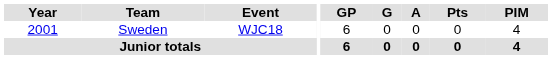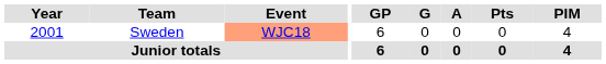 <table border="0" cellpadding="1" cellspacing="0" ID="Table3" style="text-align:center; width:40em">
 <tr ALIGN="center" bgcolor="#e0e0e0">
 <th>Year</th>
 <th>Team</th>
 <th>Event</th>
 <th rowspan="99" bgcolor="#ffffff"></th>
 <th>GP</th>
 <th>G</th>
 <th>A</th>
 <th>Pts</th>
 <th>PIM</th>
 </tr>
 <tr>
 <td><a href='#'>2001</a></td>
 <td><a href='#'>Sweden</a></td>
-<td><a href='#'>WJC18</a></td>
+<td style="background: lightsalmon;"><a href='#'>WJC18</a></td>
 <td>6</td>
 <td>0</td>
 <td>0</td>
 <td>0</td>
 <td>4</td>
 </tr>
 <tr bgcolor="#e0e0e0">
 <th colspan="3">Junior totals</th>
 <th>6</th>
 <th>0</th>
 <th>0</th>
 <th>0</th>
 <th>4</th>
 </tr>
 </table>
